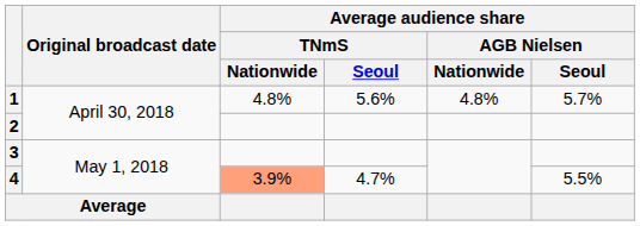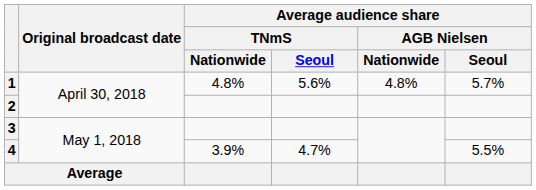 <table class="wikitable" style="text-align:center">
 <tr>
 <th rowspan="3"></th>
 <th rowspan="3">Original broadcast date</th>
 <th colspan="4">Average audience share</th>
 </tr>
 <tr>
 <th colspan="2">TNmS</th>
 <th colspan="2">AGB Nielsen</th>
 </tr>
 <tr>
 <th width="90">Nationwide</th>
 <th width="90"><a href='#'>Seoul</a></th>
 <th width="90">Nationwide</th>
 <th width="90">Seoul</th>
 </tr>
 <tr>
 <th>1</th>
 <td rowspan="2">April 30, 2018</td>
 <td>4.8% </td>
 <td>5.6% </td>
 <td>4.8% </td>
 <td>5.7% </td>
 </tr>
 <tr>
 <th>2</th>
 <td> </td>
 <td> </td>
 <td> </td>
 <td> </td>
 </tr>
 <tr>
 <th>3</th>
 <td rowspan="2">May 1, 2018</td>
 <td> </td>
 <td> </td>
 <td rowspan="2"> </td>
 <td> </td>
 </tr>
 <tr>
 <th>4</th>
-<td style="background: lightsalmon;">3.9% </td>
+<td>3.9% </td>
 <td>4.7% </td>
 <td>5.5% </td>
 </tr>
 <tr>
 <th colspan="2">Average</th>
 <th></th>
 <th></th>
 <th></th>
 <th></th>
 </tr>
 </table>
